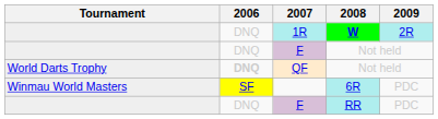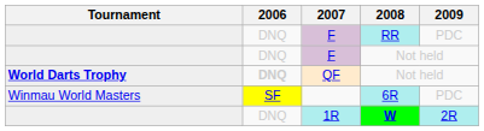 <table class="wikitable" style="width:30%; margin:0">
 <tr>
 <th>Tournament</th>
 <th>2006</th>
 <th>2007</th>
 <th>2008</th>
 <th>2009</th>
 </tr>
 <tr>
 <td style="background:#efefef;"></td>
 <td style="text-align:center; color:#ccc;">DNQ</td>
-<td style="text-align:center; background:#afeeee;"><a href='#'>1R</a></td>
-<td style="text-align:center; background:lime;"><strong><a href='#'>W</a></strong></td>
-<td style="text-align:center; background:#afeeee;"><a href='#'>2R</a></td>
+<td style="text-align:center; background:thistle;"><a href='#'>F</a></td>
+<td style="text-align:center; background:#afeeee;"><a href='#'>RR</a></td>
+<td style="text-align:center; color:#ccc;">PDC</td>
 </tr>
 <tr>
 <td style="background:#efefef;"></td>
 <td style="text-align:center; color:#ccc;">DNQ</td>
 <td style="text-align:center; background:thistle;"><a href='#'>F</a></td>
 <td colspan="2" style="text-align:center; color:#ccc;">Not held</td>
 </tr>
 <tr>
-<td style="background:#efefef;"><a href='#'>World Darts Trophy</a></td>
+<td style="background:#efefef;"><strong><a href='#'>World Darts Trophy</a></strong></td>
 <td style="text-align:center; color:#ccc;"><strong>DNQ</strong></td>
 <td style="text-align:center; background:#ffebcd;"><a href='#'>QF</a></td>
 <td colspan="2" style="text-align:center; color:#ccc;">Not held</td>
 </tr>
 <tr>
 <td style="background:#efefef;"><a href='#'>Winmau World Masters</a></td>
 <td style="text-align:center; background:yellow;"><a href='#'>SF</a></td>
 <td style="text-align:center;"></td>
 <td style="text-align:center; background:#afeeee;"><a href='#'>6R</a></td>
 <td style="text-align:center; color:#ccc;">PDC</td>
 </tr>
 <tr>
 <td style="background:#efefef;"></td>
 <td style="text-align:center; color:#ccc;">DNQ</td>
-<td style="text-align:center; background:thistle;"><a href='#'>F</a></td>
-<td style="text-align:center; background:#afeeee;"><a href='#'>RR</a></td>
-<td style="text-align:center; color:#ccc;">PDC</td>
+<td style="text-align:center; background:#afeeee;"><a href='#'>1R</a></td>
+<td style="text-align:center; background:lime;"><strong><a href='#'>W</a></strong></td>
+<td style="text-align:center; background:#afeeee;"><a href='#'>2R</a></td>
 </tr>
 </table>
